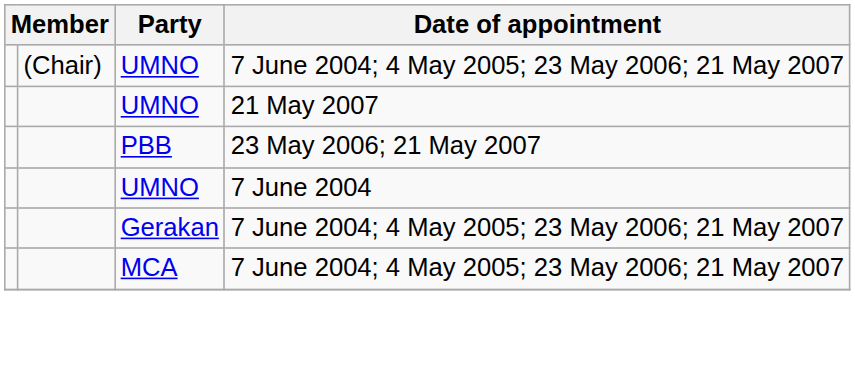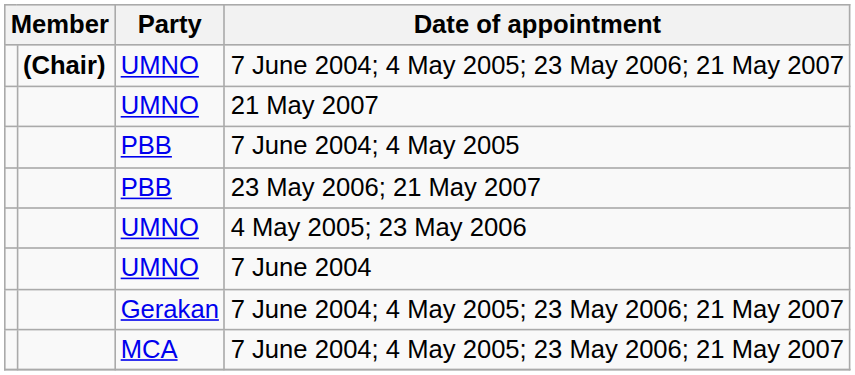 <table class="sortable wikitable">
 <tr>
 <th colspan="2" valign="top">Member</th>
 <th valign="top">Party</th>
 <th valign="top">Date of appointment</th>
 </tr>
 <tr>
 <td></td>
-<td> (Chair)</td>
+<td><strong> (Chair)</strong></td>
 <td><a href='#'>UMNO</a></td>
 <td>7 June 2004; 4 May 2005; 23 May 2006; 21 May 2007</td>
 </tr>
 <tr>
 <td></td>
 <td></td>
 <td><a href='#'>UMNO</a></td>
 <td>21 May 2007</td>
 </tr>
 <tr>
 <td></td>
 <td></td>
 <td><a href='#'>PBB</a></td>
+<td>7 June 2004; 4 May 2005</td>
+</tr>
+<tr>
+<td></td>
+<td></td>
+<td><a href='#'>PBB</a></td>
 <td>23 May 2006; 21 May 2007</td>
+</tr>
+<tr>
+<td></td>
+<td></td>
+<td><a href='#'>UMNO</a></td>
+<td>4 May 2005; 23 May 2006</td>
 </tr>
 <tr>
 <td></td>
 <td></td>
 <td><a href='#'>UMNO</a></td>
 <td>7 June 2004</td>
 </tr>
 <tr>
 <td></td>
 <td></td>
 <td><a href='#'>Gerakan</a></td>
 <td>7 June 2004; 4 May 2005; 23 May 2006; 21 May 2007</td>
 </tr>
 <tr>
 <td></td>
 <td></td>
 <td><a href='#'>MCA</a></td>
 <td>7 June 2004; 4 May 2005; 23 May 2006; 21 May 2007</td>
 </tr>
 <tr>
 </tr>
 </table>
